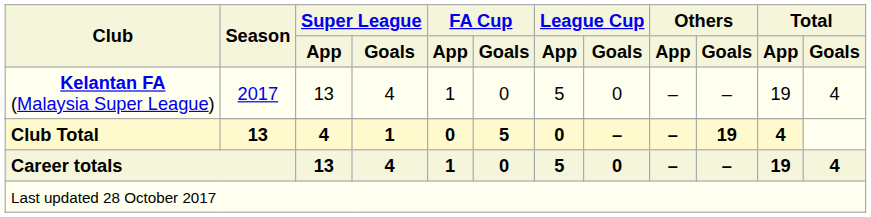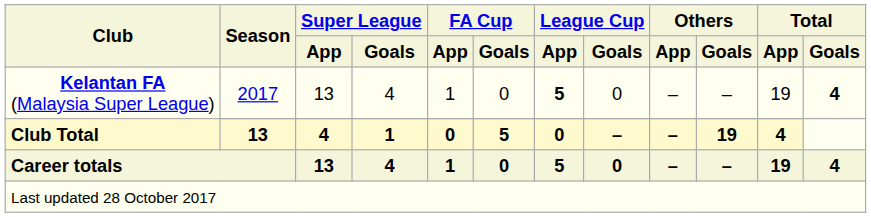 <table border=1 align=center cellpadding=4 cellspacing=2 style="background: ivory; font-size: 95%; border: 1px #aaaaaa solid; border-collapse: collapse; clear:center">
 <tr style="background:beige">
 <th rowspan="2">Club</th>
 <th rowspan="2">Season</th>
 <th colspan="2"><a href='#'>Super League</a></th>
 <th colspan="2"><a href='#'>FA Cup</a></th>
 <th colspan="2"><a href='#'>League Cup</a></th>
 <th colspan="2">Others</th>
 <th colspan="2">Total</th>
 </tr>
 <tr style="background:beige">
 <th>App</th>
 <th>Goals</th>
 <th>App</th>
 <th>Goals</th>
 <th>App</th>
 <th>Goals</th>
 <th>App</th>
 <th>Goals</th>
 <th>App</th>
 <th>Goals</th>
 </tr>
 <tr>
 <td rowspan="2" align=center valign=center><strong><a href='#'>Kelantan FA</a></strong><br>(<a href='#'>Malaysia Super League</a>)</td>
 <td align="center"><a href='#'>2017</a></td>
 <td align="center">13</td>
 <td align="center">4</td>
 <td align="center">1</td>
 <td align="center">0</td>
-<td align="center">5</td>
+<td align="center"><strong>5</strong></td>
 <td align="center">0</td>
 <td align="center">–</td>
 <td align="center">–</td>
 <td align="center">19</td>
-<td align="center">4</td>
+<td align="center"><strong>4</strong></td>
 </tr>
 <tr>
 </tr>
 <tr style="background:lemonchiffon">
 <th colspan="1" align="left">Club Total</th>
 <th>13</th>
 <th>4</th>
 <th>1</th>
 <th>0</th>
 <th>5</th>
 <th>0</th>
 <th>–</th>
 <th>–</th>
 <th>19</th>
 <th>4</th>
 </tr>
 <tr>
 <th style="background:beige" colspan="2" align="left">Career totals</th>
 <th align=center style="background:beige">13</th>
 <th align=center style="background:beige">4</th>
 <th align=center style="background:beige">1</th>
 <th align=center style="background:beige">0</th>
 <th align=center style="background:beige">5</th>
 <th align=center style="background:beige">0</th>
 <th align=center style="background:beige">–</th>
 <th align=center style="background:beige">–</th>
 <th align=center style="background:beige">19</th>
 <th align=center style="background:beige">4</th>
 </tr>
 <tr>
 <td colspan="12"><small>Last updated 28 October 2017</small></td>
 </tr>
 </table>
